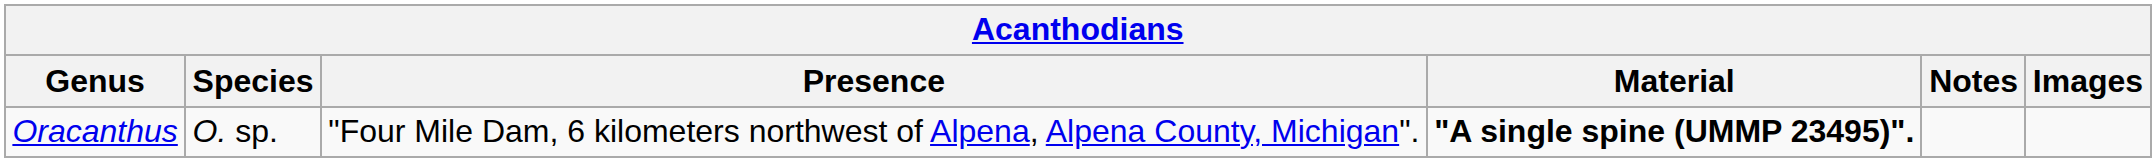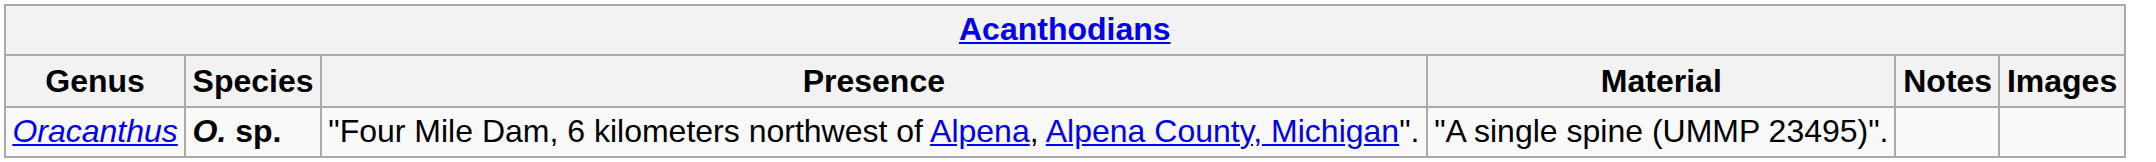 <table class="wikitable" align="center">
 <tr>
 <th colspan="6" align="center"><strong><a href='#'>Acanthodians</a></strong></th>
 </tr>
 <tr>
 <th>Genus</th>
 <th>Species</th>
 <th>Presence</th>
 <th><strong>Material</strong></th>
 <th>Notes</th>
 <th>Images</th>
 </tr>
 <tr>
 <td><em><a href='#'>Oracanthus</a></em></td>
-<td><em>O.</em> sp.</td>
+<td><strong><em>O.</em> sp.</strong></td>
 <td>"Four Mile Dam, 6 kilometers northwest of <a href='#'>Alpena</a>, <a href='#'>Alpena County, Michigan</a>".</td>
-<td><strong>"A single spine (UMMP 23495)".</strong></td>
+<td>"A single spine (UMMP 23495)".</td>
 <td></td>
 <td></td>
 </tr>
 <tr>
 </tr>
 </table>
